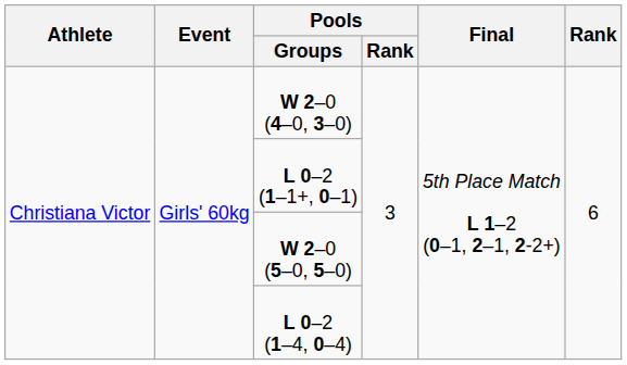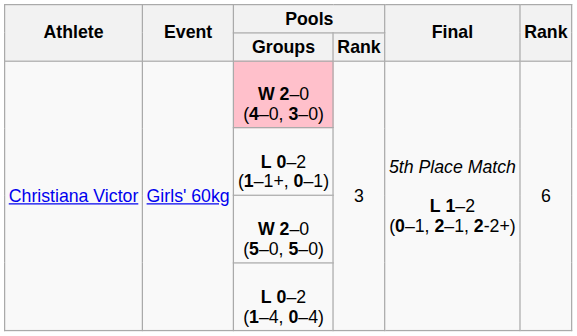 <table class="wikitable" style="text-align:left; font-size:90%">
 <tr>
 <th rowspan="2">Athlete</th>
 <th rowspan="2">Event</th>
 <th colspan="2">Pools</th>
 <th rowspan="2">Final</th>
 <th rowspan="2">Rank</th>
 </tr>
 <tr>
 <th>Groups</th>
 <th>Rank</th>
 </tr>
 <tr>
 <td rowspan="4"><a href='#'>Christiana Victor</a></td>
 <td rowspan="4"><a href='#'>Girls' 60kg</a></td>
-<td align=center><br><strong>W</strong> <strong>2</strong>–0<br>(<strong>4</strong>–0, <strong>3</strong>–0)</td>
+<td align=center style="background: pink;"><br><strong>W</strong> <strong>2</strong>–0<br>(<strong>4</strong>–0, <strong>3</strong>–0)</td>
 <td rowspan="4" align=center>3</td>
 <td align=center rowspan=4><em>5th Place Match</em><br><br><strong>L</strong> <strong>1</strong>–2<br>(<strong>0</strong>–1, <strong>2</strong>–1, <strong>2</strong>-2+)</td>
 <td rowspan="4" align="center">6</td>
 </tr>
 <tr>
 <td align=center><br><strong>L</strong> <strong>0</strong>–2<br>(<strong>1</strong>–1+, <strong>0</strong>–1)</td>
 </tr>
 <tr>
 <td align=center><br><strong>W</strong> <strong>2</strong>–0<br>(<strong>5</strong>–0, <strong>5</strong>–0)</td>
 </tr>
 <tr>
 <td align=center><br><strong>L</strong> <strong>0</strong>–2<br>(<strong>1</strong>–4, <strong>0</strong>–4)</td>
 </tr>
 </table>
